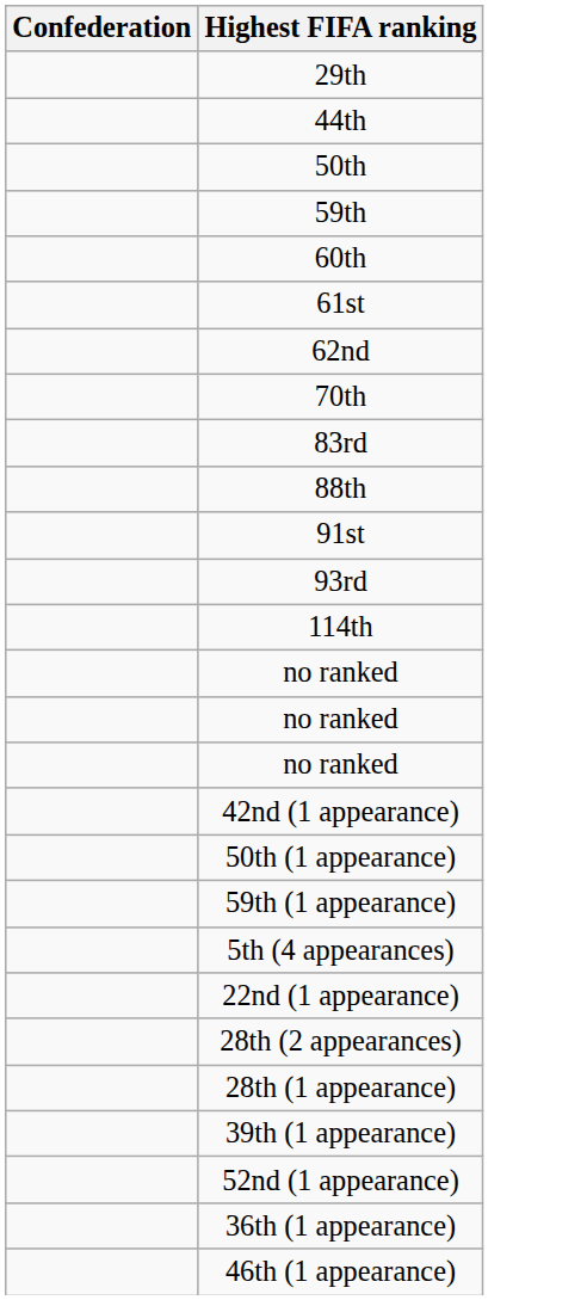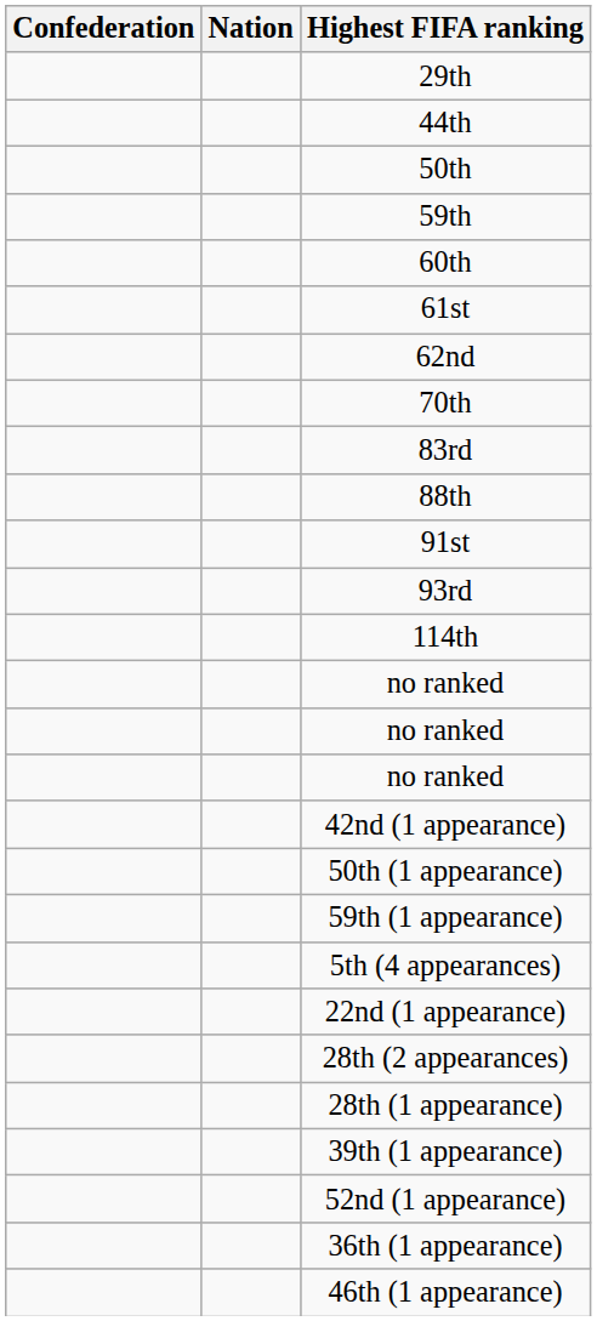 <table class="wikitable sortable collapsible collapsed" style="text-align: center; font-size: 100%;">
 <tr>
 <th>Confederation</th>
+<th>Nation</th>
 <th>Highest FIFA ranking</th>
 </tr>
 <tr>
 <td align=center></td>
+<td style="text-align: left"></td>
 <td align=center>29th</td>
 </tr>
 <tr>
 <td align=center></td>
+<td style="text-align: left"></td>
 <td align=center>44th</td>
 </tr>
 <tr>
 <td align=center></td>
+<td style="text-align: left"></td>
 <td align=center>50th</td>
 </tr>
 <tr>
 <td align=center></td>
+<td style="text-align: left"></td>
 <td align=center>59th</td>
 </tr>
 <tr>
 <td align=center></td>
+<td style="text-align: left"></td>
 <td align=center>60th</td>
 </tr>
 <tr>
 <td align=center></td>
+<td style="text-align: left"></td>
 <td align=center>61st</td>
 </tr>
 <tr>
 <td align=center></td>
+<td style="text-align: left"></td>
 <td align=center>62nd</td>
 </tr>
 <tr>
 <td align=center></td>
+<td style="text-align: left"></td>
 <td align=center>70th</td>
 </tr>
 <tr>
 <td align=center></td>
+<td style="text-align: left"></td>
 <td align=center>83rd</td>
 </tr>
 <tr>
 <td align=center></td>
+<td style="text-align: left"></td>
 <td align=center>88th</td>
 </tr>
 <tr>
 <td align=center></td>
+<td style="text-align: left"></td>
 <td align=center>91st</td>
 </tr>
 <tr>
 <td align=center></td>
+<td style="text-align: left"></td>
 <td align=center>93rd</td>
 </tr>
 <tr>
 <td align=center></td>
+<td style="text-align: left"></td>
 <td align=center>114th</td>
 </tr>
 <tr>
 <td align=center></td>
+<td style="text-align: left"> </td>
 <td align=center>no ranked</td>
 </tr>
 <tr>
 <td align=center></td>
+<td style="text-align: left"></td>
 <td align=center>no ranked</td>
 </tr>
 <tr>
 <td align=center></td>
+<td style="text-align: left"></td>
 <td align=center>no ranked</td>
 </tr>
 <tr>
 <td align=center></td>
+<td style="text-align: left"></td>
 <td align=center>42nd (1 appearance)</td>
 </tr>
 <tr>
 <td align=center></td>
+<td style="text-align: left"></td>
 <td align=center>50th (1 appearance)</td>
 </tr>
 <tr>
 <td align=center></td>
+<td style="text-align: left"></td>
 <td align=center>59th (1 appearance)</td>
 </tr>
 <tr>
 <td align=center></td>
+<td style="text-align: left"></td>
 <td align=center>5th (4 appearances)</td>
 </tr>
 <tr>
 <td align=center></td>
+<td style="text-align: left"></td>
 <td align=center>22nd (1 appearance)</td>
 </tr>
 <tr>
 <td align=center></td>
+<td style="text-align: left"></td>
 <td align=center>28th (2 appearances)</td>
 </tr>
 <tr>
 <td align=center></td>
+<td style="text-align: left"></td>
 <td align=center>28th (1 appearance)</td>
 </tr>
 <tr>
 <td align=center></td>
+<td style="text-align: left"></td>
 <td align=center>39th (1 appearance)</td>
 </tr>
 <tr>
 <td align=center></td>
+<td style="text-align: left"></td>
 <td align=center>52nd (1 appearance)</td>
 </tr>
 <tr>
 <td align=center></td>
+<td style="text-align: left"></td>
 <td align=center>36th (1 appearance)</td>
 </tr>
 <tr>
 <td align=center></td>
+<td style="text-align: left"></td>
 <td align=center>46th (1 appearance)</td>
 </tr>
 </table>
